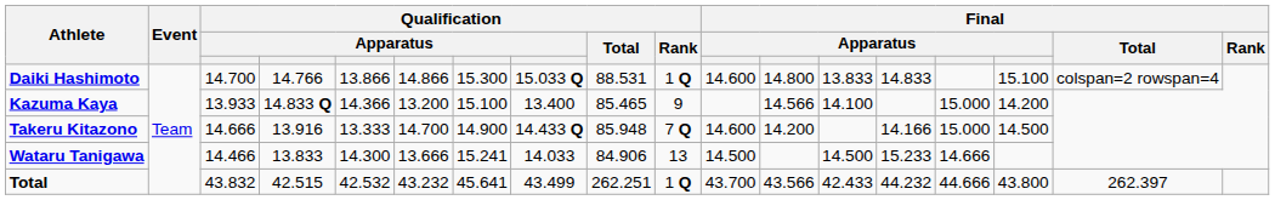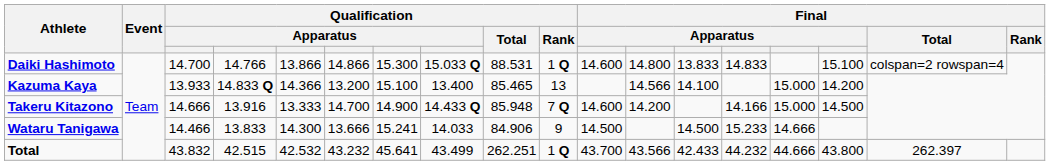 <table class="wikitable" style="font-size:90%">
 <tr>
 <th rowspan=3>Athlete</th>
 <th rowspan=3>Event</th>
 <th colspan =8>Qualification</th>
 <th colspan =8>Final</th>
 </tr>
 <tr style="font-size:95%">
 <th colspan=6>Apparatus</th>
 <th rowspan=2>Total</th>
 <th rowspan=2>Rank</th>
 <th colspan=6>Apparatus</th>
 <th rowspan=2>Total</th>
 <th rowspan=2>Rank</th>
 </tr>
 <tr style="font-size:95%">
 <th></th>
 <th></th>
 <th></th>
 <th></th>
 <th></th>
 <th></th>
 <th></th>
 <th></th>
 <th></th>
 <th></th>
 <th></th>
 <th></th>
 </tr>
 <tr align=center>
 <td align=left><strong><a href='#'>Daiki Hashimoto</a></strong></td>
 <td align=left rowspan=5><a href='#'>Team</a></td>
 <td>14.700</td>
 <td>14.766</td>
 <td>13.866</td>
 <td>14.866</td>
 <td>15.300</td>
 <td>15.033 <strong>Q</strong></td>
 <td>88.531</td>
 <td>1 <strong>Q</strong></td>
 <td>14.600</td>
 <td>14.800</td>
 <td>13.833</td>
 <td>14.833</td>
 <td></td>
 <td>15.100</td>
 <td>colspan=2 rowspan=4 </td>
 </tr>
 <tr align=center>
 <td align=left><strong><a href='#'>Kazuma Kaya</a></strong></td>
 <td>13.933</td>
 <td>14.833 <strong>Q</strong></td>
 <td>14.366</td>
 <td>13.200</td>
 <td>15.100</td>
 <td>13.400</td>
 <td>85.465</td>
-<td>9</td>
+<td>13</td>
 <td></td>
 <td>14.566</td>
 <td>14.100</td>
 <td></td>
 <td>15.000</td>
 <td>14.200</td>
 </tr>
 <tr align=center>
 <td align=left><strong><a href='#'>Takeru Kitazono</a></strong></td>
 <td>14.666</td>
 <td>13.916</td>
 <td>13.333</td>
 <td>14.700</td>
 <td>14.900</td>
 <td>14.433 <strong>Q</strong></td>
 <td>85.948</td>
 <td>7 <strong>Q</strong></td>
 <td>14.600</td>
 <td>14.200</td>
 <td></td>
 <td>14.166</td>
 <td>15.000</td>
 <td>14.500</td>
 </tr>
 <tr align=center>
 <td align=left><strong><a href='#'>Wataru Tanigawa</a></strong></td>
 <td>14.466</td>
 <td>13.833</td>
 <td>14.300</td>
 <td>13.666</td>
 <td>15.241</td>
 <td>14.033</td>
 <td>84.906</td>
-<td>13</td>
+<td>9</td>
 <td>14.500</td>
 <td></td>
 <td>14.500</td>
 <td>15.233</td>
 <td>14.666</td>
 <td></td>
 </tr>
 <tr align=center>
 <td align=left><strong>Total</strong></td>
 <td>43.832</td>
 <td>42.515</td>
 <td>42.532</td>
 <td>43.232</td>
 <td>45.641</td>
 <td>43.499</td>
 <td>262.251</td>
 <td>1 <strong>Q</strong></td>
 <td>43.700</td>
 <td>43.566</td>
 <td>42.433</td>
 <td>44.232</td>
 <td>44.666</td>
 <td>43.800</td>
 <td>262.397</td>
 <td></td>
 </tr>
 </table>
